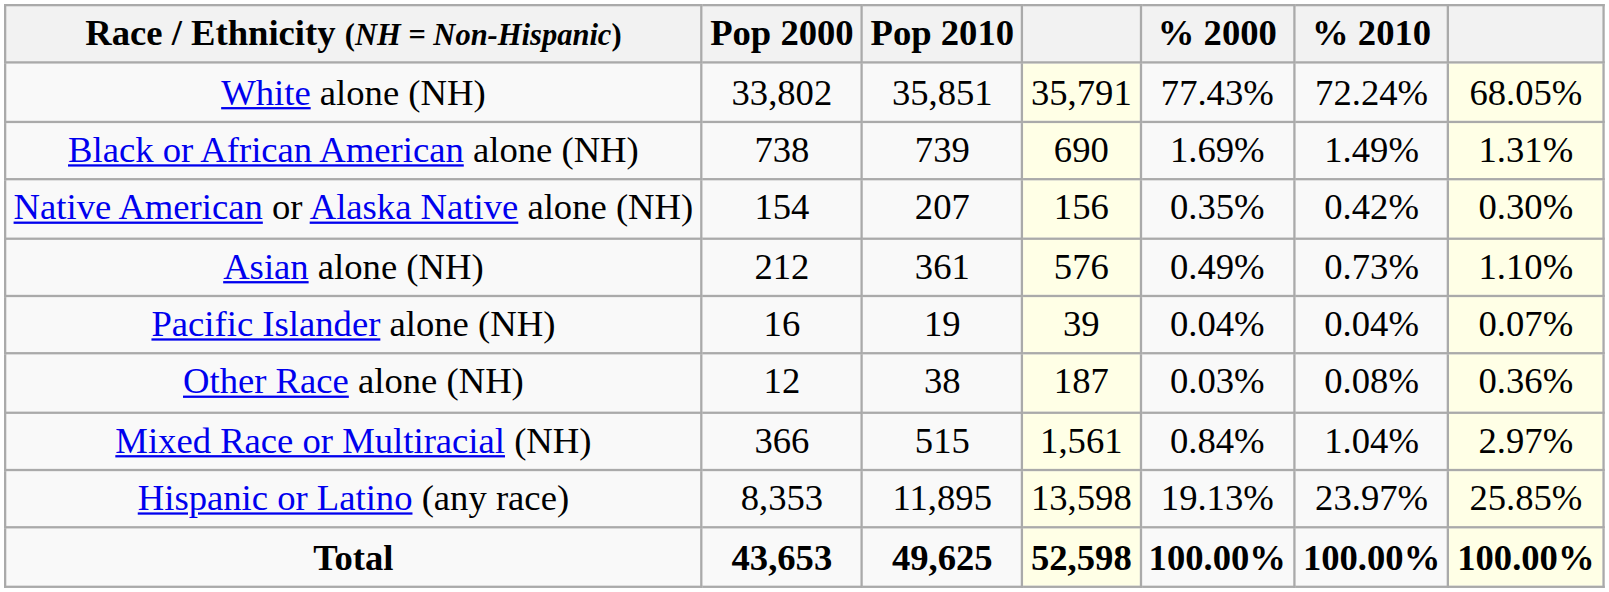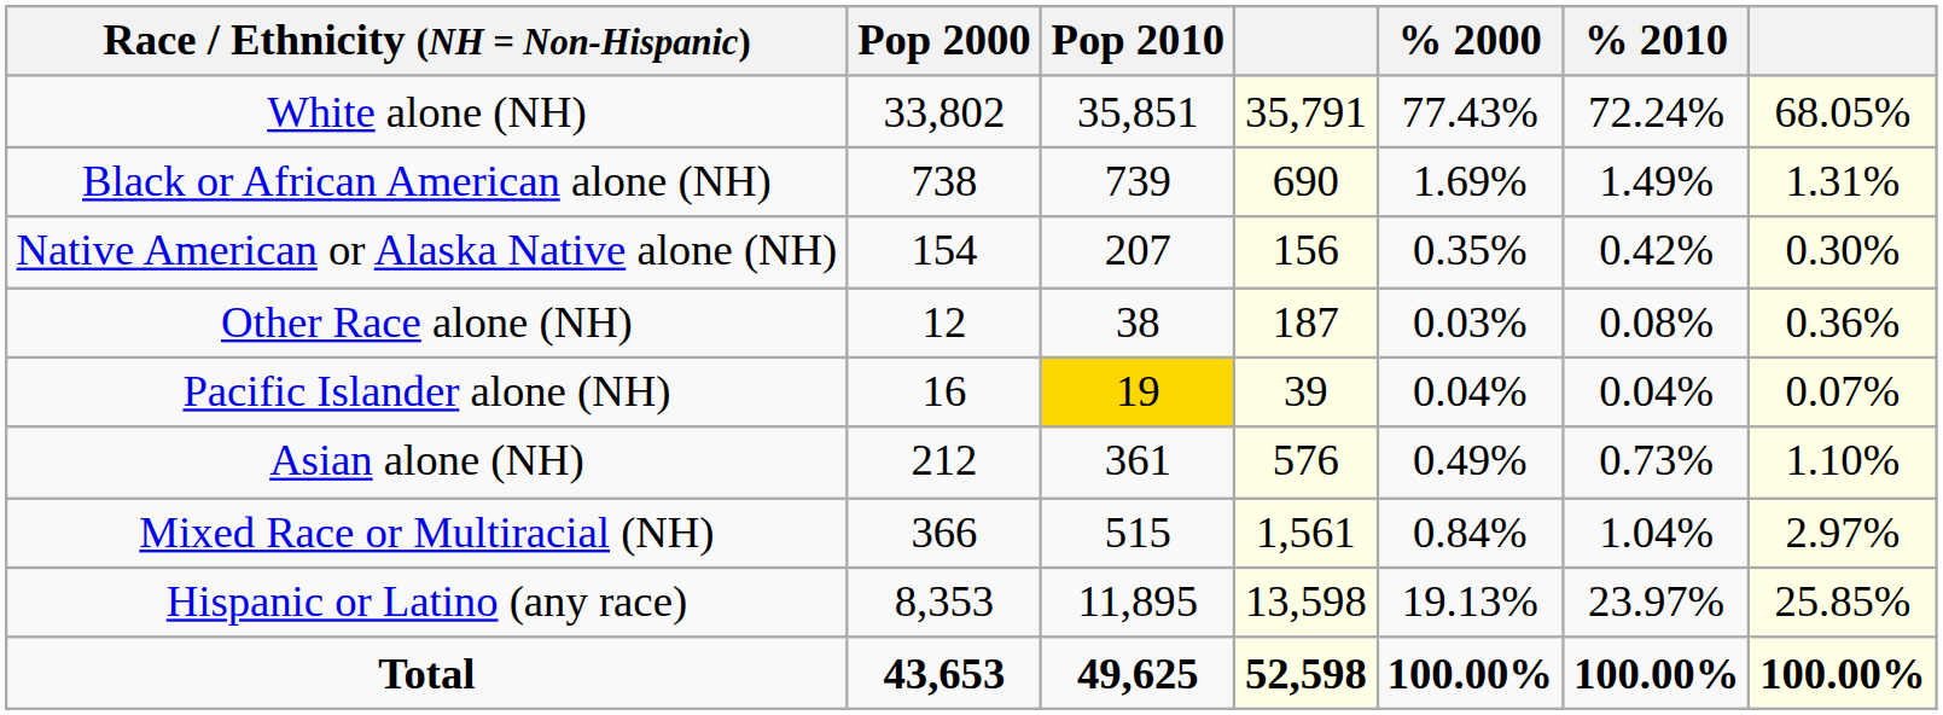 <table class="wikitable" style="text-align:center;">
 <tr>
 <th>Race / Ethnicity <small>(<em>NH = Non-Hispanic</em>)</small></th>
 <th>Pop 2000</th>
 <th>Pop 2010</th>
 <th></th>
 <th>% 2000</th>
 <th>% 2010</th>
 <th></th>
 </tr>
 <tr>
 <td><a href='#'>White</a> alone (NH)</td>
 <td>33,802</td>
 <td>35,851</td>
 <td style='background: #ffffe6;'>35,791</td>
 <td>77.43%</td>
 <td>72.24%</td>
 <td style='background: #ffffe6;'>68.05%</td>
 </tr>
 <tr>
 <td><a href='#'>Black or African American</a> alone (NH)</td>
 <td>738</td>
 <td>739</td>
 <td style='background: #ffffe6;'>690</td>
 <td>1.69%</td>
 <td>1.49%</td>
 <td style='background: #ffffe6;'>1.31%</td>
 </tr>
 <tr>
 <td><a href='#'>Native American</a> or <a href='#'>Alaska Native</a> alone (NH)</td>
 <td>154</td>
 <td>207</td>
 <td style='background: #ffffe6;'>156</td>
 <td>0.35%</td>
 <td>0.42%</td>
 <td style='background: #ffffe6;'>0.30%</td>
 </tr>
 <tr>
+<td><a href='#'>Other Race</a> alone (NH)</td>
+<td>12</td>
+<td>38</td>
+<td style='background: #ffffe6;'>187</td>
+<td>0.03%</td>
+<td>0.08%</td>
+<td style='background: #ffffe6;'>0.36%</td>
+</tr>
+<tr>
+<td><a href='#'>Pacific Islander</a> alone (NH)</td>
+<td>16</td>
+<td style="background: gold;">19</td>
+<td style='background: #ffffe6;'>39</td>
+<td>0.04%</td>
+<td>0.04%</td>
+<td style='background: #ffffe6;'>0.07%</td>
+</tr>
+<tr>
 <td><a href='#'>Asian</a> alone (NH)</td>
 <td>212</td>
 <td>361</td>
 <td style='background: #ffffe6;'>576</td>
 <td>0.49%</td>
 <td>0.73%</td>
 <td style='background: #ffffe6;'>1.10%</td>
-</tr>
-<tr>
-<td><a href='#'>Pacific Islander</a> alone (NH)</td>
-<td>16</td>
-<td>19</td>
-<td style='background: #ffffe6;'>39</td>
-<td>0.04%</td>
-<td>0.04%</td>
-<td style='background: #ffffe6;'>0.07%</td>
-</tr>
-<tr>
-<td><a href='#'>Other Race</a> alone (NH)</td>
-<td>12</td>
-<td>38</td>
-<td style='background: #ffffe6;'>187</td>
-<td>0.03%</td>
-<td>0.08%</td>
-<td style='background: #ffffe6;'>0.36%</td>
 </tr>
 <tr>
 <td><a href='#'>Mixed Race or Multiracial</a> (NH)</td>
 <td>366</td>
 <td>515</td>
 <td style='background: #ffffe6;'>1,561</td>
 <td>0.84%</td>
 <td>1.04%</td>
 <td style='background: #ffffe6;'>2.97%</td>
 </tr>
 <tr>
 <td><a href='#'>Hispanic or Latino</a> (any race)</td>
 <td>8,353</td>
 <td>11,895</td>
 <td style='background: #ffffe6;'>13,598</td>
 <td>19.13%</td>
 <td>23.97%</td>
 <td style='background: #ffffe6;'>25.85%</td>
 </tr>
 <tr>
 <td><strong>Total</strong></td>
 <td><strong>43,653</strong></td>
 <td><strong>49,625</strong></td>
 <td style='background: #ffffe6;'><strong>52,598</strong></td>
 <td><strong>100.00%</strong></td>
 <td><strong>100.00%</strong></td>
 <td style='background: #ffffe6;'><strong>100.00%</strong></td>
 </tr>
 </table>
